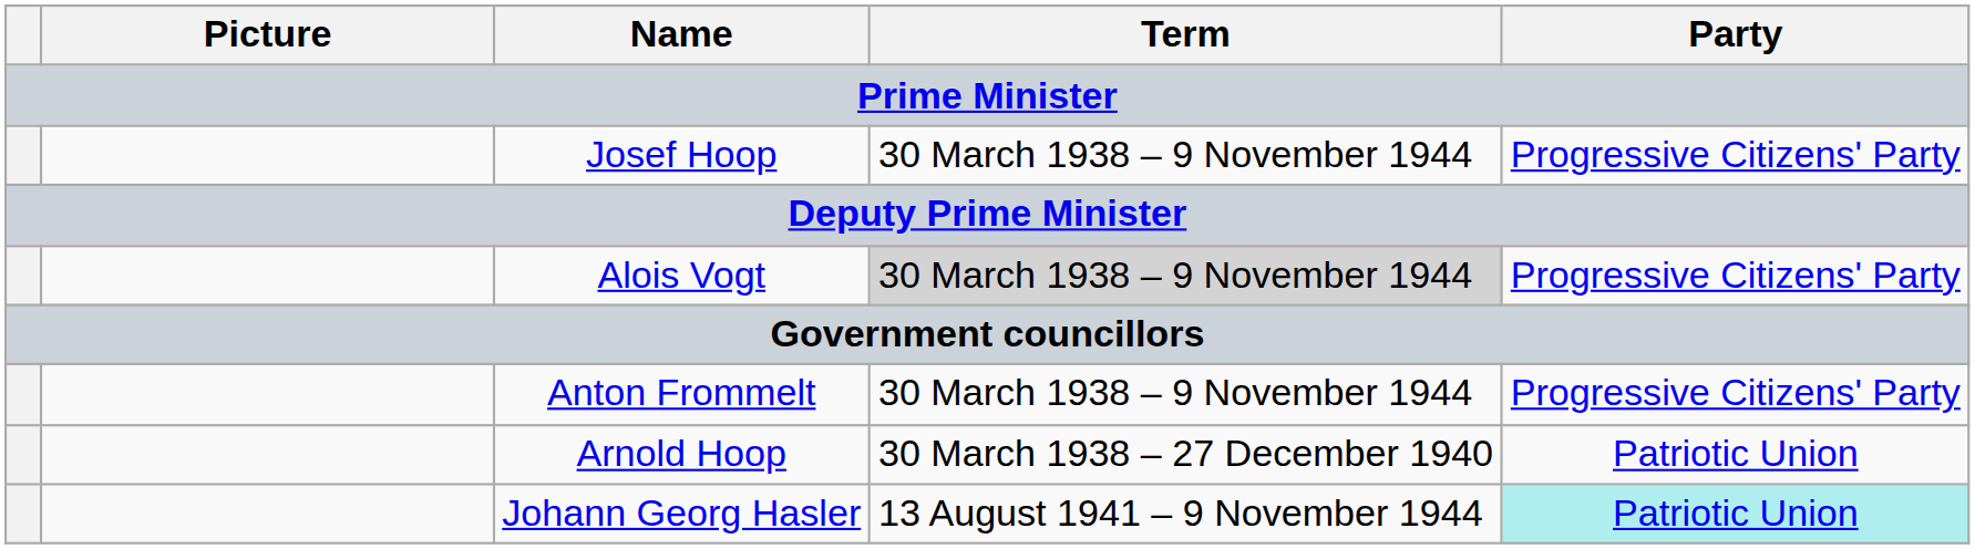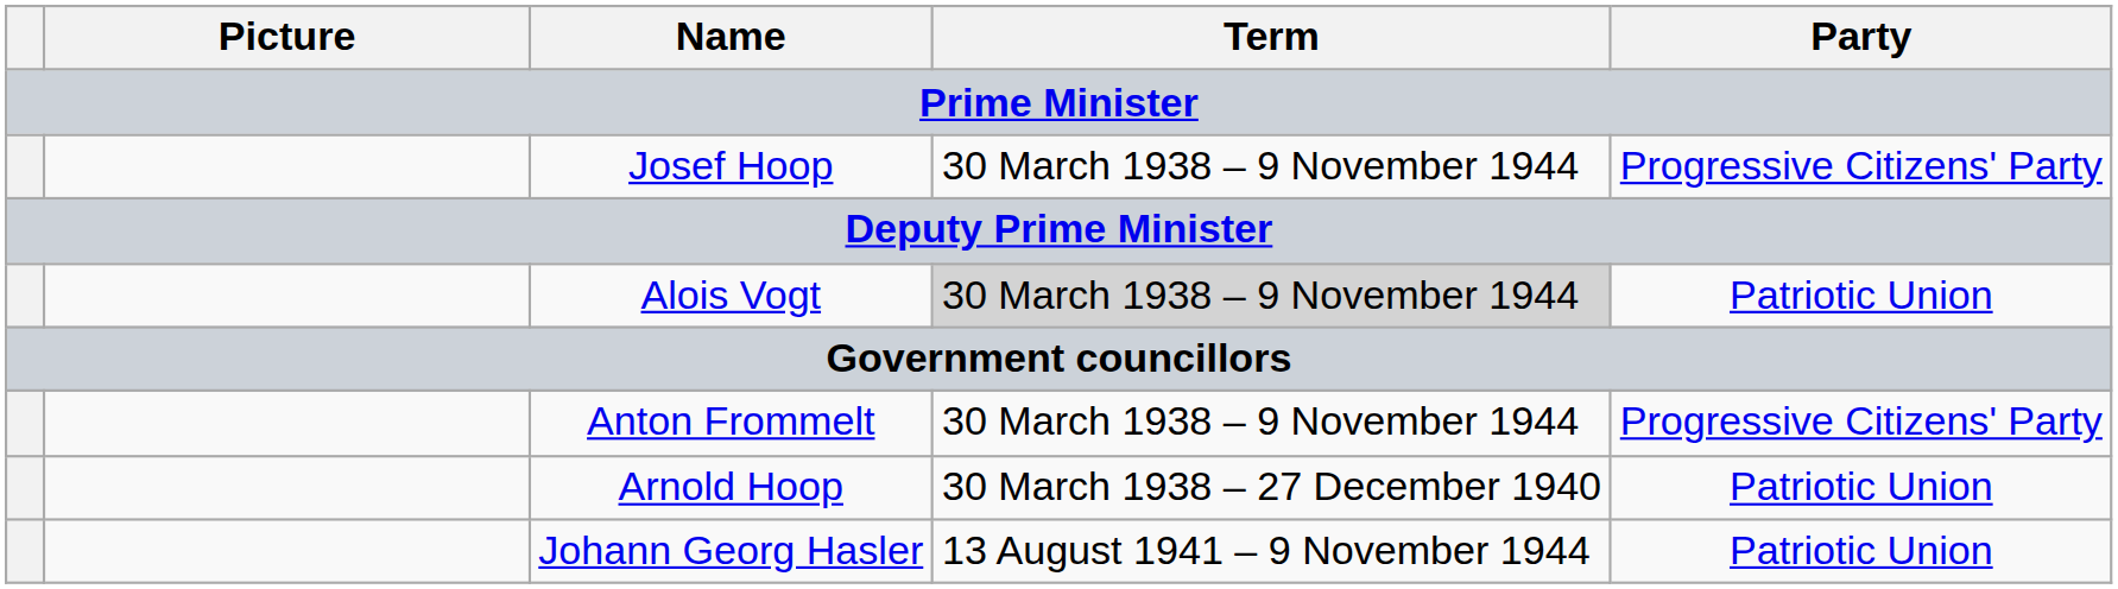 <table class="wikitable" style="text-align:center">
 <tr>
 <th style="width: 0.5em"></th>
 <th style="width: 11.5em">Picture</th>
 <th>Name</th>
 <th>Term</th>
 <th>Party</th>
 </tr>
 <tr>
 <th colspan="6" style="background:#CCD2D9"><a href='#'>Prime Minister</a></th>
 </tr>
 <tr>
 <th style="background:"></th>
 <td></td>
 <td><a href='#'>Josef Hoop</a></td>
 <td style="text-align:left">30 March 1938 – 9 November 1944</td>
 <td><a href='#'>Progressive Citizens' Party</a></td>
 </tr>
 <tr>
 <th colspan="6" style="background:#CCD2D9"><a href='#'>Deputy Prime Minister</a></th>
 </tr>
 <tr>
 <th style="background:"></th>
 <td></td>
 <td><a href='#'>Alois Vogt</a></td>
 <td style="background: lightgrey; text-align:left">30 March 1938 – 9 November 1944</td>
-<td><a href='#'>Progressive Citizens' Party</a></td>
+<td><a href='#'>Patriotic Union</a></td>
 </tr>
 <tr>
 <th colspan="6" style="background:#CCD2D9">Government councillors</th>
 </tr>
 <tr>
 <th style="background:"></th>
 <td></td>
 <td><a href='#'>Anton Frommelt</a></td>
 <td style="text-align:left">30 March 1938 – 9 November 1944</td>
 <td><a href='#'>Progressive Citizens' Party</a></td>
 </tr>
 <tr>
 <th style="background:"></th>
 <td></td>
 <td><a href='#'>Arnold Hoop</a></td>
 <td style="text-align:left">30 March 1938 – 27 December 1940</td>
 <td><a href='#'>Patriotic Union</a></td>
 </tr>
 <tr>
 <th style="background:"></th>
 <td></td>
 <td><a href='#'>Johann Georg Hasler</a></td>
 <td style="text-align:left">13 August 1941 – 9 November 1944</td>
-<td style="background: paleturquoise;"><a href='#'>Patriotic Union</a></td>
+<td><a href='#'>Patriotic Union</a></td>
 </tr>
 </table>
